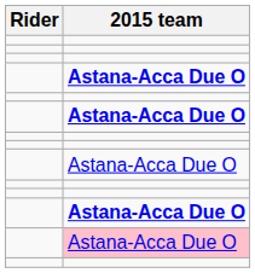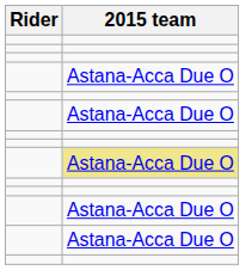 <table class="wikitable">
 <tr>
 <th>Rider</th>
 <th>2015 team</th>
 </tr>
 <tr>
 <td></td>
 <td></td>
 </tr>
 <tr>
 <td></td>
 <td></td>
 </tr>
 <tr>
 <td></td>
 <td></td>
 </tr>
 <tr>
 <td></td>
-<td><strong><a href='#'>Astana-Acca Due O</a></strong></td>
-</tr>
-<tr>
-<td></td>
-<td></td>
-</tr>
-<tr>
-<td></td>
-<td><strong><a href='#'>Astana-Acca Due O</a></strong></td>
-</tr>
-<tr>
-<td></td>
-<td></td>
+<td><a href='#'>Astana-Acca Due O</a></td>
 </tr>
 <tr>
 <td></td>
 <td></td>
 </tr>
 <tr>
 <td></td>
 <td><a href='#'>Astana-Acca Due O</a></td>
 </tr>
 <tr>
 <td></td>
 <td></td>
 </tr>
 <tr>
 <td></td>
 <td></td>
 </tr>
 <tr>
 <td></td>
-<td><strong><a href='#'>Astana-Acca Due O</a></strong></td>
+<td style="background: khaki;"><a href='#'>Astana-Acca Due O</a></td>
 </tr>
 <tr>
 <td></td>
-<td style="background: pink;"><a href='#'>Astana-Acca Due O</a></td>
+<td></td>
+</tr>
+<tr>
+<td></td>
+<td></td>
+</tr>
+<tr>
+<td></td>
+<td><a href='#'>Astana-Acca Due O</a></td>
+</tr>
+<tr>
+<td></td>
+<td><a href='#'>Astana-Acca Due O</a></td>
 </tr>
 <tr>
 <td></td>
 <td></td>
 </tr>
 </table>
